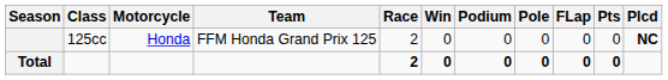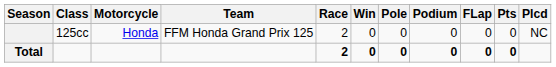 <table class="wikitable">
 <tr>
 <th>Season</th>
 <th>Class</th>
 <th>Motorcycle</th>
 <th>Team</th>
 <th>Race</th>
 <th>Win</th>
+<th>Pole</th>
 <th>Podium</th>
-<th>Pole</th>
 <th>FLap</th>
 <th>Pts</th>
 <th>Plcd</th>
 </tr>
 <tr align="right">
 <th></th>
 <td>125cc</td>
 <td><a href='#'>Honda</a></td>
 <td>FFM Honda Grand Prix 125</td>
 <td>2</td>
 <td>0</td>
 <td>0</td>
 <td>0</td>
 <td>0</td>
 <td>0</td>
-<td><strong>NC</strong></td>
+<td>NC</td>
 </tr>
 <tr align="right">
 <th>Total</th>
 <td></td>
 <td></td>
 <td></td>
 <td><strong>2</strong></td>
 <td><strong>0</strong></td>
 <td><strong>0</strong></td>
 <td><strong>0</strong></td>
 <td><strong>0</strong></td>
 <td><strong>0</strong></td>
 <td></td>
 </tr>
 </table>
